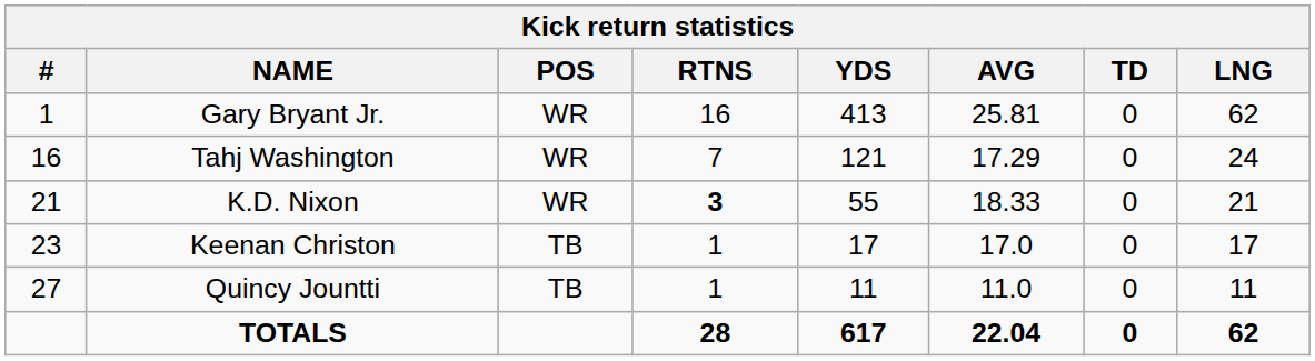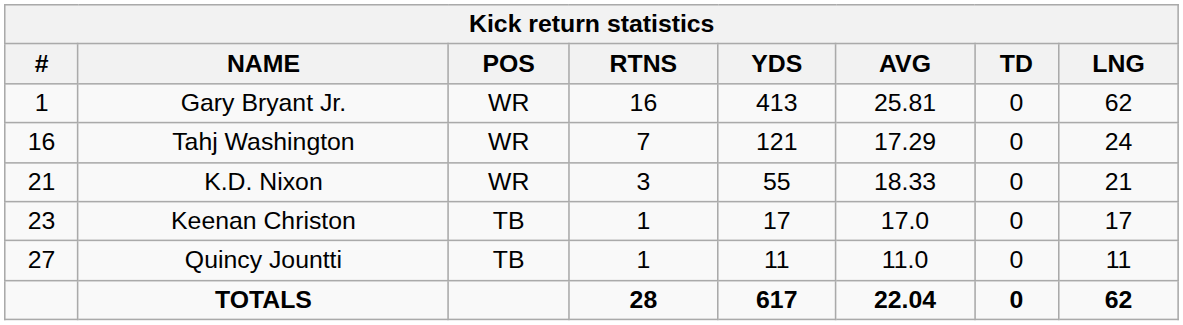 <table style="width:60%; text-align:center;" class="wikitable collapsible collapsed">
 <tr>
 <th colspan="8">Kick return statistics</th>
 </tr>
 <tr>
 <th>#</th>
 <th>NAME</th>
 <th>POS</th>
 <th>RTNS</th>
 <th>YDS</th>
 <th>AVG</th>
 <th>TD</th>
 <th>LNG</th>
 </tr>
 <tr>
 <td>1</td>
 <td>Gary Bryant Jr.</td>
 <td>WR</td>
 <td>16</td>
 <td>413</td>
 <td>25.81</td>
 <td>0</td>
 <td>62</td>
 </tr>
 <tr>
 <td>16</td>
 <td>Tahj Washington</td>
 <td>WR</td>
 <td>7</td>
 <td>121</td>
 <td>17.29</td>
 <td>0</td>
 <td>24</td>
 </tr>
 <tr>
 <td>21</td>
 <td>K.D. Nixon</td>
 <td>WR</td>
-<td><strong>3</strong></td>
+<td>3</td>
 <td>55</td>
 <td>18.33</td>
 <td>0</td>
 <td>21</td>
 </tr>
 <tr>
 <td>23</td>
 <td>Keenan Christon</td>
 <td>TB</td>
 <td>1</td>
 <td>17</td>
 <td>17.0</td>
 <td>0</td>
 <td>17</td>
 </tr>
 <tr>
 <td>27</td>
 <td>Quincy Jountti</td>
 <td>TB</td>
 <td>1</td>
 <td>11</td>
 <td>11.0</td>
 <td>0</td>
 <td>11</td>
 </tr>
 <tr>
 <td></td>
 <td><strong>TOTALS</strong></td>
 <td></td>
 <td><strong>28</strong></td>
 <td><strong>617</strong></td>
 <td><strong>22.04</strong></td>
 <td><strong>0</strong></td>
 <td><strong>62</strong></td>
 </tr>
 </table>
